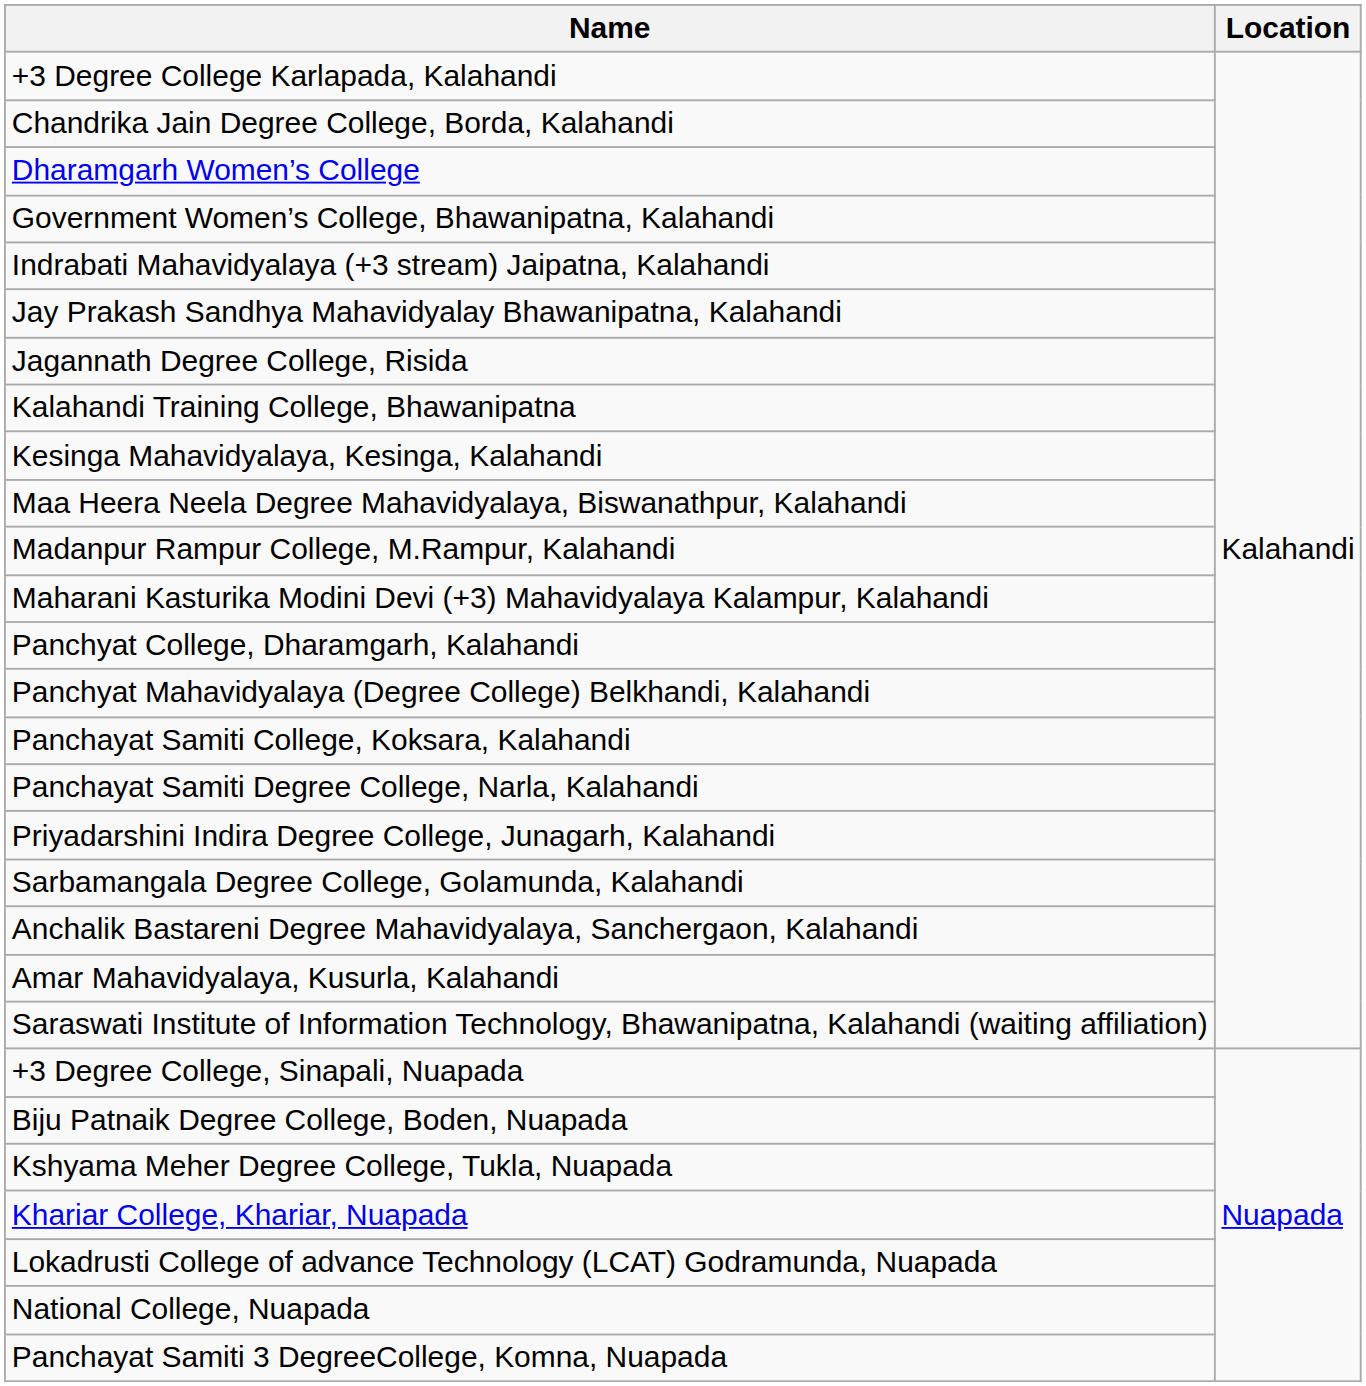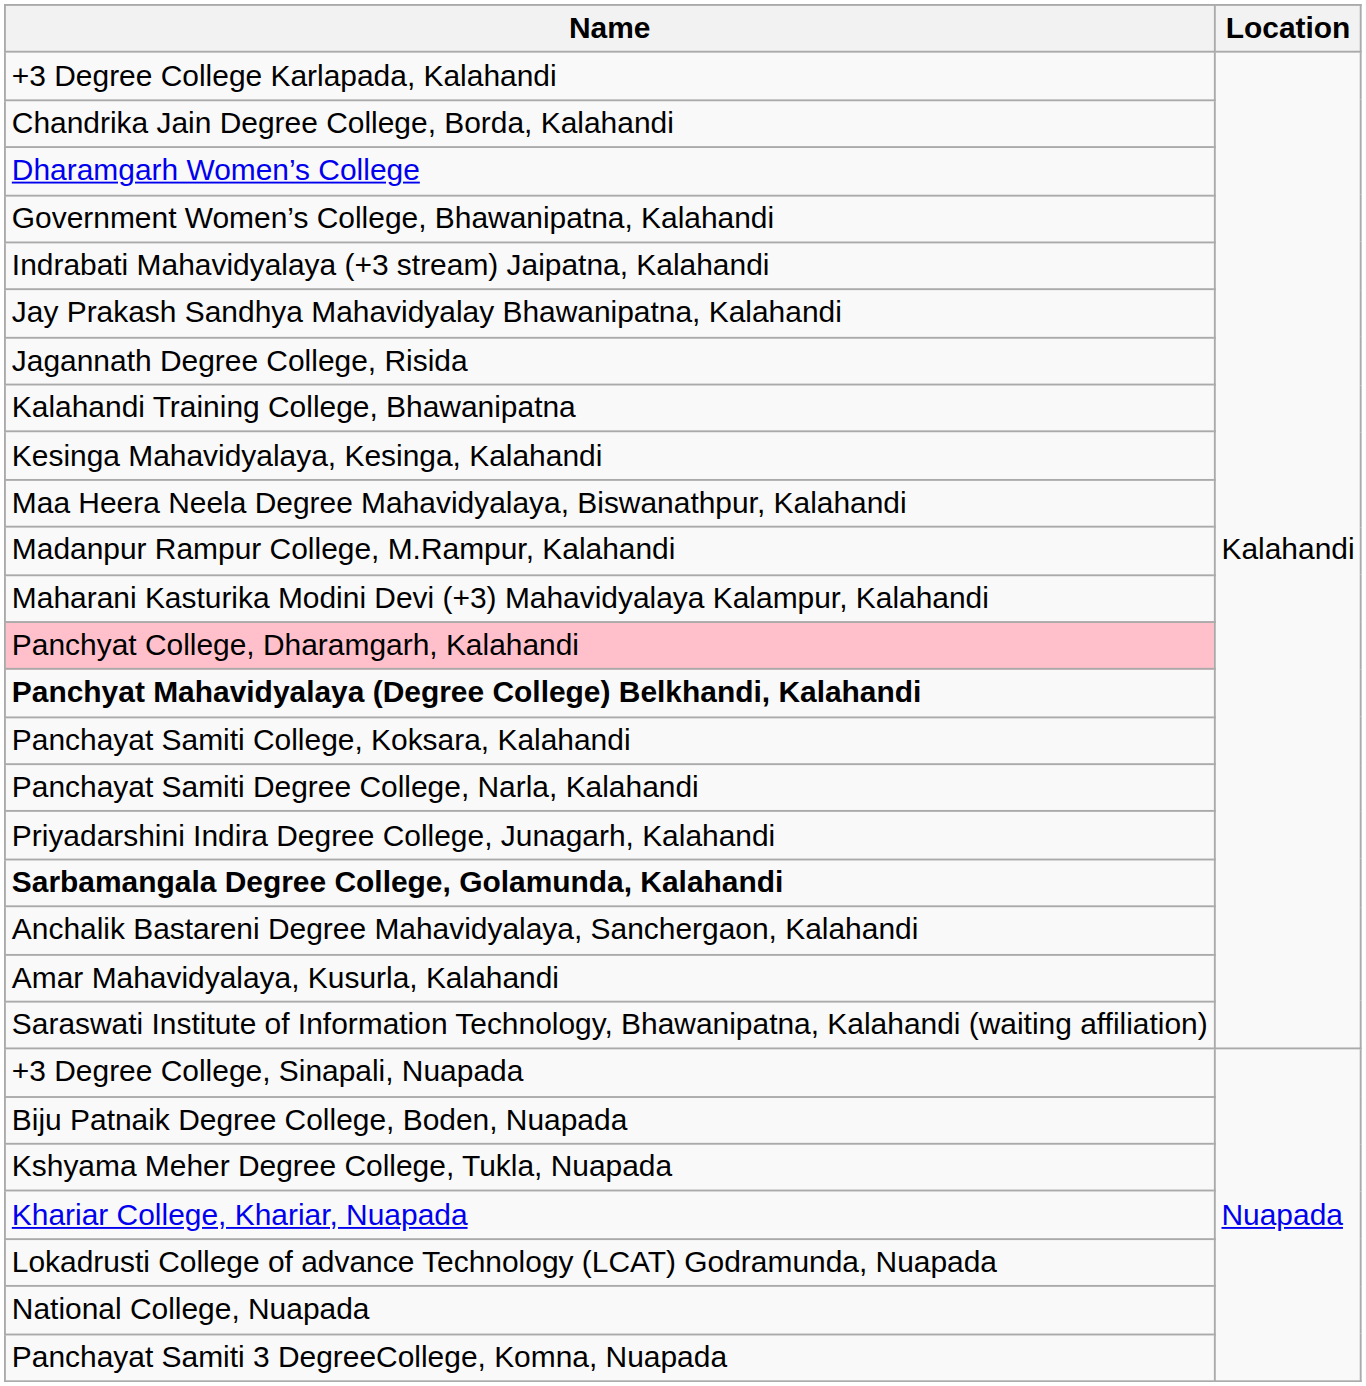 <table class="wikitable sortable">
 <tr>
 <th>Name</th>
 <th>Location</th>
 </tr>
 <tr>
 <td>+3 Degree College Karlapada, Kalahandi</td>
 <td rowspan="21">Kalahandi</td>
 </tr>
 <tr>
 <td>Chandrika Jain Degree College, Borda, Kalahandi</td>
 </tr>
 <tr>
 <td><a href='#'>Dharamgarh Women’s College</a></td>
 </tr>
 <tr>
 <td>Government Women’s College, Bhawanipatna, Kalahandi</td>
 </tr>
 <tr>
 <td>Indrabati Mahavidyalaya (+3 stream) Jaipatna, Kalahandi</td>
 </tr>
 <tr>
 <td>Jay Prakash Sandhya Mahavidyalay Bhawanipatna, Kalahandi</td>
 </tr>
 <tr>
 <td>Jagannath Degree College, Risida</td>
 </tr>
 <tr>
 <td>Kalahandi Training College, Bhawanipatna</td>
 </tr>
 <tr>
 <td>Kesinga Mahavidyalaya, Kesinga, Kalahandi</td>
 </tr>
 <tr>
 <td>Maa Heera Neela Degree Mahavidyalaya, Biswanathpur, Kalahandi</td>
 </tr>
 <tr>
 <td>Madanpur Rampur College, M.Rampur, Kalahandi</td>
 </tr>
 <tr>
 <td>Maharani Kasturika Modini Devi (+3) Mahavidyalaya Kalampur, Kalahandi</td>
 </tr>
 <tr>
-<td>Panchyat College, Dharamgarh, Kalahandi</td>
+<td style="background: pink;">Panchyat College, Dharamgarh, Kalahandi</td>
 </tr>
 <tr>
-<td>Panchyat Mahavidyalaya (Degree College) Belkhandi, Kalahandi</td>
+<td><strong>Panchyat Mahavidyalaya (Degree College) Belkhandi, Kalahandi</strong></td>
 </tr>
 <tr>
 <td>Panchayat Samiti College, Koksara, Kalahandi</td>
 </tr>
 <tr>
 <td>Panchayat Samiti Degree College, Narla, Kalahandi</td>
 </tr>
 <tr>
 <td>Priyadarshini Indira Degree College, Junagarh, Kalahandi</td>
 </tr>
 <tr>
-<td>Sarbamangala Degree College, Golamunda, Kalahandi</td>
+<td><strong>Sarbamangala Degree College, Golamunda, Kalahandi</strong></td>
 </tr>
 <tr>
 <td>Anchalik Bastareni Degree Mahavidyalaya, Sanchergaon, Kalahandi</td>
 </tr>
 <tr>
 <td>Amar Mahavidyalaya, Kusurla, Kalahandi</td>
 </tr>
 <tr>
 <td>Saraswati Institute of Information Technology, Bhawanipatna, Kalahandi (waiting affiliation)</td>
 </tr>
 <tr>
 <td>+3 Degree College, Sinapali, Nuapada</td>
 <td rowspan="7"><a href='#'>Nuapada</a></td>
 </tr>
 <tr>
 <td>Biju Patnaik Degree College, Boden, Nuapada</td>
 </tr>
 <tr>
 <td>Kshyama Meher Degree College, Tukla, Nuapada</td>
 </tr>
 <tr>
 <td><a href='#'>Khariar College, Khariar, Nuapada</a></td>
 </tr>
 <tr>
 <td>Lokadrusti College of advance Technology (LCAT) Godramunda, Nuapada</td>
 </tr>
 <tr>
 <td>National College, Nuapada</td>
 </tr>
 <tr>
 <td>Panchayat Samiti 3 DegreeCollege, Komna, Nuapada</td>
 </tr>
 </table>
